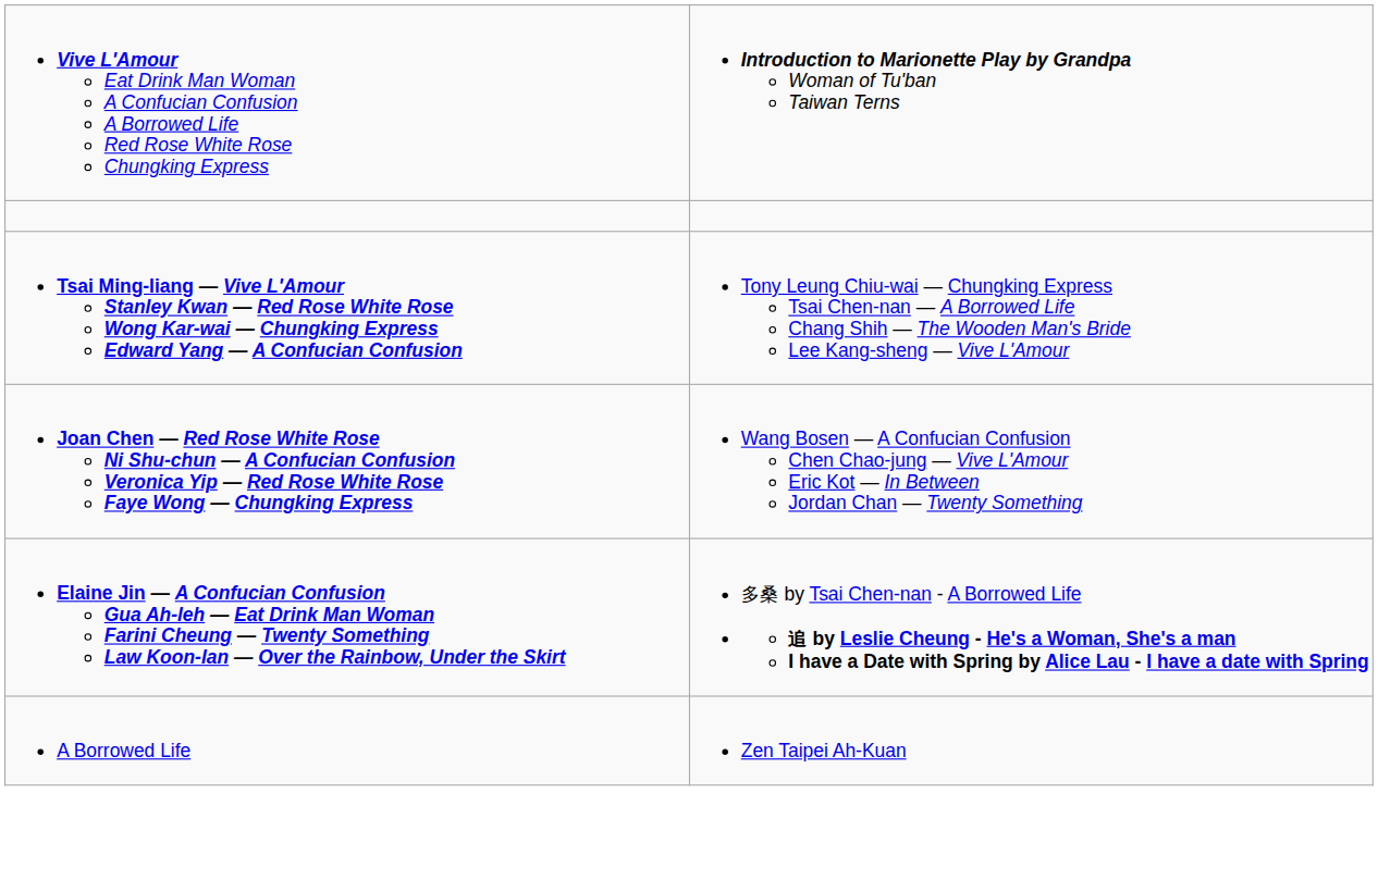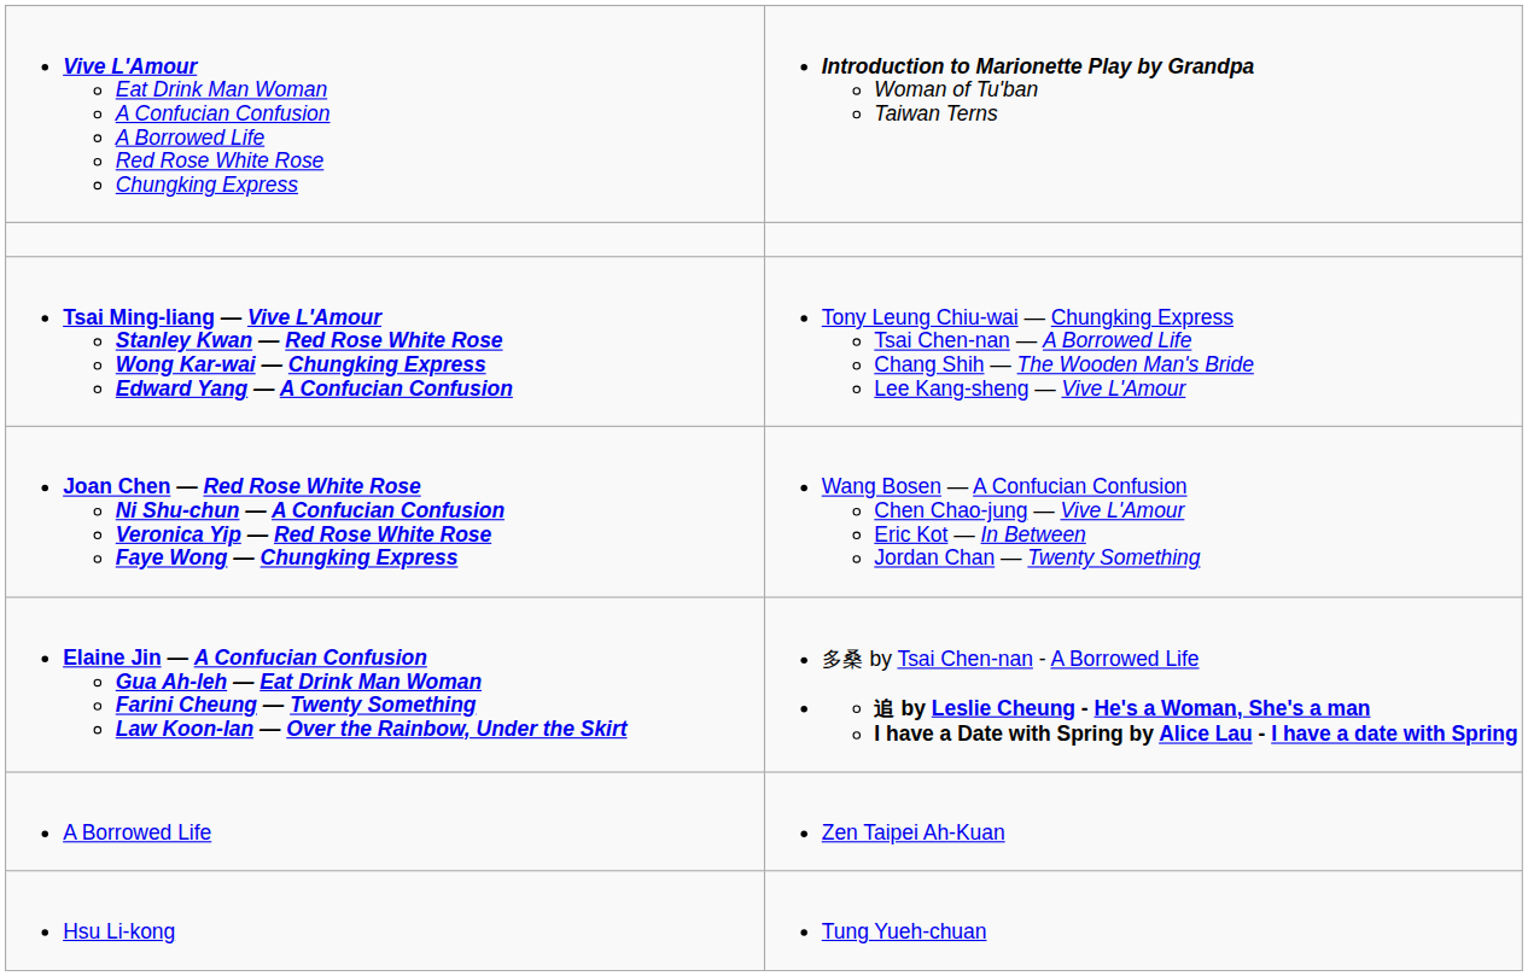 <table class=wikitable>
 <tr>
 <td valign="top" width="50%"><br><ul><li><strong><em><a href='#'>Vive L'Amour</a></em></strong><ul><li><em><a href='#'>Eat Drink Man Woman</a></em></li><li><em><a href='#'>A Confucian Confusion</a></em></li><li><em><a href='#'>A Borrowed Life</a></em></li><li><em><a href='#'>Red Rose White Rose</a></em></li><li><em><a href='#'>Chungking Express</a></em></li></ul></li></ul></td>
 <td valign="top" width="50%"><br><ul><li><strong><em>Introduction to Marionette Play by Grandpa</em></strong><ul><li><em>Woman of Tu'ban</em></li><li><em>Taiwan Terns</em></li></ul></li></ul></td>
 </tr>
 <tr>
 <td valign="top" width="50%"><br> </td>
 </tr>
 <tr>
 <td valign="top" width="50%"><br><ul><li><strong><a href='#'>Tsai Ming-liang</a> — <em><a href='#'>Vive L'Amour</a><strong><em><ul><li><a href='#'>Stanley Kwan</a>  — </em><a href='#'>Red Rose White Rose</a><em></li><li><a href='#'>Wong Kar-wai</a> — </em><a href='#'>Chungking Express</a><em></li><li><a href='#'>Edward Yang</a> — </em><a href='#'>A Confucian Confusion</a><em></li></ul></li></ul></td>
 <td valign="top" width="50%"><br><ul><li></strong><a href='#'>Tony Leung Chiu-wai</a> — </em><a href='#'>Chungking Express</a></em></strong><ul><li><a href='#'>Tsai Chen-nan</a> — <em><a href='#'>A Borrowed Life</a></em></li><li><a href='#'>Chang Shih</a> — <em><a href='#'>The Wooden Man's Bride</a></em></li><li><a href='#'>Lee Kang-sheng</a> — <em><a href='#'>Vive L'Amour</a></em></li></ul></li></ul></td>
 </tr>
 <tr>
 <td valign="top" width="50%"><br><ul><li><strong><a href='#'>Joan Chen</a> — <em><a href='#'>Red Rose White Rose</a><strong><em><ul><li><a href='#'>Ni Shu-chun</a> — </em><a href='#'>A Confucian Confusion</a><em></li><li><a href='#'>Veronica Yip</a> — </em><a href='#'>Red Rose White Rose</a><em></li><li><a href='#'>Faye Wong</a> — </em><a href='#'>Chungking Express</a><em></li></ul></li></ul></td>
 <td valign="top" width="50%"><br><ul><li></strong><a href='#'>Wang Bosen</a> — </em><a href='#'>A Confucian Confusion</a></em></strong><ul><li><a href='#'>Chen Chao-jung</a> — <em><a href='#'>Vive L'Amour</a></em></li><li><a href='#'>Eric Kot</a> — <em><a href='#'>In Between</a></em></li><li><a href='#'>Jordan Chan</a> — <em><a href='#'>Twenty Something</a></em></li></ul></li></ul></td>
 </tr>
 <tr>
 <td valign="top" width="50%"><br><ul><li><strong><a href='#'>Elaine Jin</a> — <em><a href='#'>A Confucian Confusion</a><strong><em><ul><li><a href='#'>Gua Ah-leh</a> — </em><a href='#'>Eat Drink Man Woman</a><em></li><li><a href='#'>Farini Cheung</a> — </em><a href='#'>Twenty Something</a><em></li><li><a href='#'>Law Koon-lan</a> — </em><a href='#'>Over the Rainbow, Under the Skirt</a><em></li></ul></li></ul></td>
 <td><br><ul><li></strong>多桑 by <a href='#'>Tsai Chen-nan</a>  - <a href='#'>A Borrowed Life</a><strong></li></ul><ul><li><ul><li>追 by <a href='#'>Leslie Cheung</a> - <a href='#'>He's a Woman, She's a man</a></li><li>I have a Date with Spring by <a href='#'>Alice Lau</a>  - <a href='#'>I have a date with Spring</a></li></ul></li></ul></td>
 </tr>
 <tr>
 <td valign="top" width="50%"><br><ul><li></em></strong><a href='#'>A Borrowed Life</a><strong><em></li></ul></td>
 <td valign="top" width="50%"><br><ul><li></em></strong><a href='#'>Zen Taipei Ah-Kuan</a><strong><em></li></ul></td>
 </tr>
+<tr>
+<td valign="top" width="50%"><br><ul><li></strong><a href='#'>Hsu Li-kong</a><strong></li></ul></td>
+<td valign="top" width="50%"><br><ul><li></strong><a href='#'>Tung Yueh-chuan</a><strong></li></ul></td>
+</tr>
 </table>
